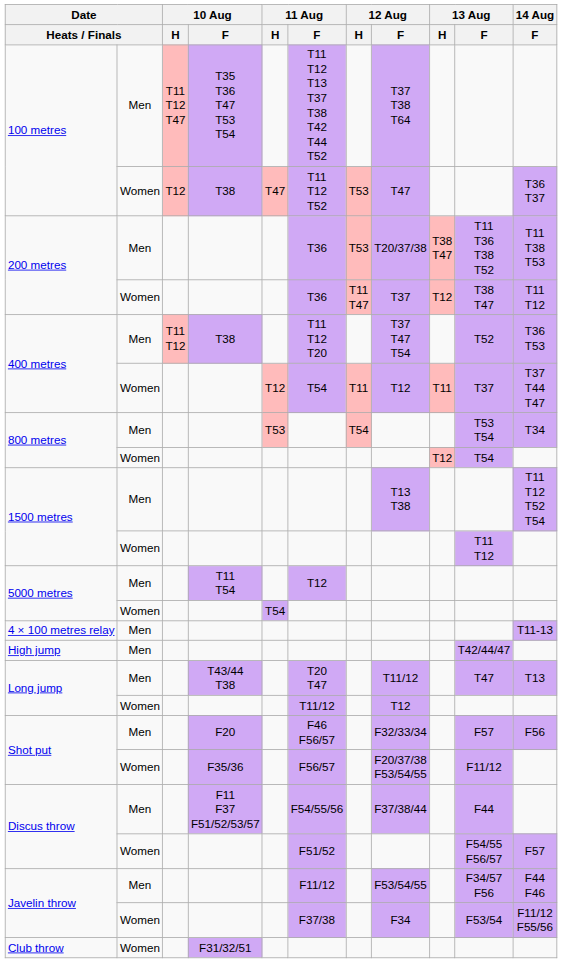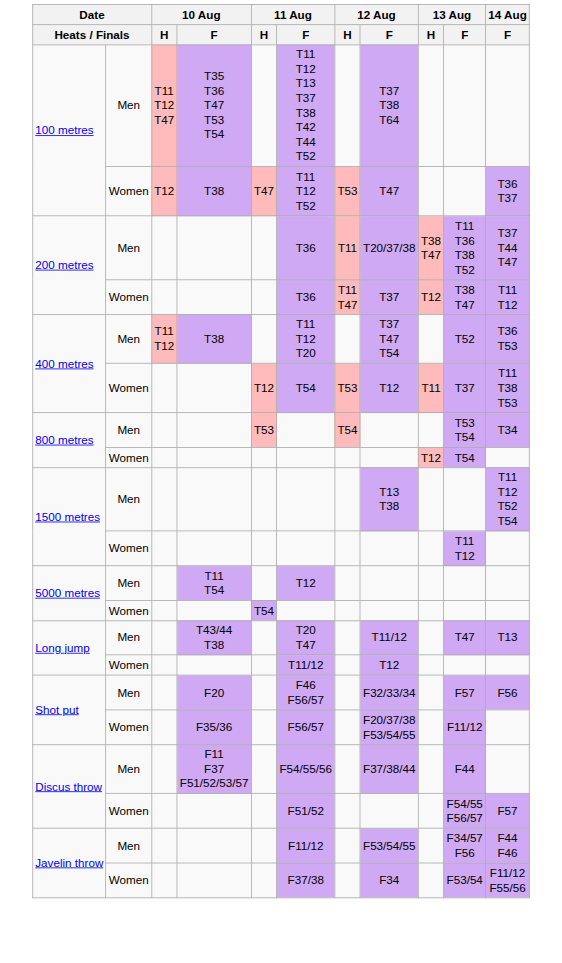 <table class="wikitable" style="margin:0.5em auto; font-size:90%; line-height:1.25em;">
 <tr align="center">
 <th colspan="2">Date</th>
 <th colspan=2>10 Aug</th>
 <th colspan=2>11 Aug</th>
 <th colspan=2>12 Aug</th>
 <th colspan=2>13 Aug</th>
 <th>14 Aug</th>
 </tr>
 <tr align="center">
 <th colspan="2">Heats / Finals</th>
 <th>H</th>
 <th>F</th>
 <th>H</th>
 <th>F</th>
 <th>H</th>
 <th>F</th>
 <th>H</th>
 <th>F</th>
 <th>F</th>
 </tr>
 <tr align="center">
 <td align="left" rowspan="2"><a href='#'>100 metres</a></td>
 <td>Men</td>
 <td bgcolor="#FFBBBB">T11<br>T12<br>T47</td>
 <td bgcolor="#D0A9F5">T35<br>T36<br>T47<br>T53<br>T54</td>
 <td></td>
 <td bgcolor="#D0A9F5">T11<br>T12<br>T13<br>T37<br>T38<br>T42<br>T44<br>T52</td>
 <td></td>
 <td bgcolor="#D0A9F5">T37 <br> T38 <br> T64</td>
 <td></td>
 <td></td>
 <td></td>
 </tr>
 <tr align="center">
 <td>Women</td>
 <td bgcolor="#FFBBBB">T12</td>
 <td bgcolor="#D0A9F5">T38</td>
 <td bgcolor="#FFBBBB">T47</td>
 <td bgcolor="#D0A9F5">T11<br>T12<br>T52</td>
 <td bgcolor="#FFBBBB">T53</td>
 <td bgcolor="#D0A9F5">T47</td>
 <td></td>
 <td></td>
 <td bgcolor="#D0A9F5">T36<br>T37</td>
 </tr>
 <tr align="center">
 <td align="left" rowspan="2"><a href='#'>200 metres</a></td>
 <td>Men</td>
 <td></td>
 <td></td>
 <td></td>
 <td bgcolor="#D0A9F5">T36</td>
-<td bgcolor="#FFBBBB">T53</td>
+<td bgcolor="#FFBBBB">T11</td>
 <td bgcolor="#D0A9F5">T20/37/38</td>
 <td bgcolor="#FFBBBB">T38<br>T47</td>
 <td bgcolor="#D0A9F5">T11<br>T36<br>T38<br>T52</td>
-<td bgcolor="#D0A9F5">T11<br>T38<br>T53</td>
+<td bgcolor="#D0A9F5">T37<br>T44<br>T47</td>
 </tr>
 <tr align="center">
 <td>Women</td>
 <td></td>
 <td></td>
 <td></td>
 <td bgcolor="#D0A9F5">T36</td>
 <td bgcolor="#FFBBBB">T11<br>T47</td>
 <td bgcolor="#D0A9F5">T37</td>
 <td bgcolor="#FFBBBB">T12</td>
 <td bgcolor="#D0A9F5">T38<br>T47</td>
 <td bgcolor="#D0A9F5">T11<br>T12</td>
 </tr>
 <tr align="center">
 <td align="left" rowspan="2"><a href='#'>400 metres</a></td>
 <td>Men</td>
 <td bgcolor="#FFBBBB">T11<br>T12</td>
 <td bgcolor="#D0A9F5">T38</td>
 <td></td>
 <td bgcolor="#D0A9F5">T11<br>T12<br>T20</td>
 <td></td>
 <td bgcolor="#D0A9F5">T37<br>T47<br>T54</td>
 <td></td>
 <td bgcolor="#D0A9F5">T52</td>
 <td bgcolor="#D0A9F5">T36<br>T53</td>
 </tr>
 <tr align="center">
 <td>Women</td>
 <td></td>
 <td></td>
 <td bgcolor="#FFBBBB">T12</td>
 <td bgcolor="#D0A9F5">T54</td>
-<td bgcolor="#FFBBBB">T11</td>
+<td bgcolor="#FFBBBB">T53</td>
 <td bgcolor="#D0A9F5">T12</td>
 <td bgcolor="#FFBBBB">T11</td>
 <td bgcolor="#D0A9F5">T37</td>
-<td bgcolor="#D0A9F5">T37<br>T44<br>T47</td>
+<td bgcolor="#D0A9F5">T11<br>T38<br>T53</td>
 </tr>
 <tr align="center">
 <td align="left" rowspan="2"><a href='#'>800 metres</a></td>
 <td>Men</td>
 <td></td>
 <td></td>
 <td bgcolor="#FFBBBB">T53</td>
 <td></td>
 <td bgcolor="#FFBBBB">T54</td>
 <td></td>
 <td></td>
 <td bgcolor="#D0A9F5">T53<br>T54</td>
 <td bgcolor="#D0A9F5">T34</td>
 </tr>
 <tr align="center">
 <td>Women</td>
 <td></td>
 <td></td>
 <td></td>
 <td></td>
 <td></td>
 <td></td>
 <td bgcolor="#FFBBBB">T12</td>
 <td bgcolor="#D0A9F5">T54</td>
 <td></td>
 </tr>
 <tr align="center">
 <td align="left" rowspan="2"><a href='#'>1500 metres</a></td>
 <td>Men</td>
 <td></td>
 <td></td>
 <td></td>
 <td></td>
 <td></td>
 <td bgcolor="#D0A9F5">T13<br>T38</td>
 <td></td>
 <td></td>
 <td bgcolor="#D0A9F5">T11<br>T12<br>T52<br>T54</td>
 </tr>
 <tr align="center">
 <td>Women</td>
 <td></td>
 <td></td>
 <td></td>
 <td></td>
 <td></td>
 <td></td>
 <td></td>
 <td bgcolor="#D0A9F5">T11<br>T12</td>
 <td></td>
 </tr>
 <tr align="center">
 <td align="left" rowspan="2"><a href='#'>5000 metres</a></td>
 <td>Men</td>
 <td></td>
 <td bgcolor="#D0A9F5">T11<br>T54</td>
 <td></td>
 <td bgcolor="#D0A9F5">T12</td>
 <td></td>
 <td></td>
 <td></td>
 <td></td>
 <td></td>
 </tr>
 <tr align="center">
 <td>Women</td>
 <td></td>
 <td></td>
 <td bgcolor="#D0A9F5">T54</td>
 <td></td>
 <td></td>
 <td></td>
 <td></td>
 <td></td>
-<td></td>
-</tr>
-<tr align="center">
-<td align="left"><a href='#'>4 × 100 metres relay</a></td>
-<td>Men</td>
-<td></td>
-<td></td>
-<td></td>
-<td></td>
-<td></td>
-<td></td>
-<td></td>
-<td></td>
-<td bgcolor="#D0A9F5">T11-13</td>
-</tr>
-<tr align="center">
-<td align="left"><a href='#'>High jump</a></td>
-<td>Men</td>
-<td></td>
-<td></td>
-<td></td>
-<td></td>
-<td></td>
-<td></td>
-<td></td>
-<td bgcolor="#D0A9F5">T42/44/47</td>
 <td></td>
 </tr>
 <tr align="center">
 <td align="left" rowspan="2"><a href='#'>Long jump</a></td>
 <td>Men</td>
 <td></td>
 <td bgcolor="#D0A9F5">T43/44<br>T38</td>
 <td></td>
 <td bgcolor="#D0A9F5">T20<br>T47</td>
 <td></td>
 <td bgcolor="#D0A9F5">T11/12</td>
 <td></td>
 <td bgcolor="#D0A9F5">T47</td>
 <td bgcolor="#D0A9F5">T13</td>
 </tr>
 <tr align="center">
 <td>Women</td>
 <td></td>
 <td></td>
 <td></td>
 <td bgcolor="#D0A9F5">T11/12</td>
 <td></td>
 <td bgcolor="#D0A9F5">T12</td>
 <td></td>
 <td></td>
 <td></td>
 </tr>
 <tr align="center">
 <td align="left" rowspan="2"><a href='#'>Shot put</a></td>
 <td>Men</td>
 <td></td>
 <td bgcolor="#D0A9F5">F20</td>
 <td></td>
 <td bgcolor="#D0A9F5">F46<br> F56/57</td>
 <td></td>
 <td bgcolor="#D0A9F5">F32/33/34</td>
 <td></td>
 <td bgcolor="#D0A9F5">F57</td>
 <td bgcolor="#D0A9F5">F56</td>
 </tr>
 <tr align="center">
 <td>Women</td>
 <td></td>
 <td bgcolor="#D0A9F5">F35/36</td>
 <td></td>
 <td bgcolor="#D0A9F5">F56/57</td>
 <td></td>
 <td bgcolor="#D0A9F5">F20/37/38<br>F53/54/55</td>
 <td></td>
 <td bgcolor="#D0A9F5">F11/12</td>
 <td></td>
 </tr>
 <tr align="center">
 <td align="left" rowspan="2"><a href='#'>Discus throw</a></td>
 <td>Men</td>
 <td></td>
 <td bgcolor="#D0A9F5">F11<br>F37<br>F51/52/53/57</td>
 <td></td>
 <td bgcolor="#D0A9F5">F54/55/56</td>
 <td></td>
 <td bgcolor="#D0A9F5">F37/38/44</td>
 <td></td>
 <td bgcolor="#D0A9F5">F44</td>
 <td></td>
 </tr>
 <tr align="center">
 <td>Women</td>
 <td></td>
 <td></td>
 <td></td>
 <td bgcolor="#D0A9F5">F51/52</td>
 <td></td>
 <td></td>
 <td></td>
 <td bgcolor="#D0A9F5">F54/55<br>F56/57</td>
 <td bgcolor="#D0A9F5">F57</td>
 </tr>
 <tr align="center">
 <td align="left" rowspan="2"><a href='#'>Javelin throw</a></td>
 <td>Men</td>
 <td></td>
 <td></td>
 <td></td>
 <td bgcolor="#D0A9F5">F11/12</td>
 <td></td>
 <td bgcolor="#D0A9F5">F53/54/55</td>
 <td></td>
 <td bgcolor="#D0A9F5">F34/57<br>F56</td>
 <td bgcolor="#D0A9F5">F44<br>F46</td>
 </tr>
 <tr align="center">
 <td>Women</td>
 <td></td>
 <td></td>
 <td></td>
 <td bgcolor="#D0A9F5">F37/38</td>
 <td></td>
 <td bgcolor="#D0A9F5">F34</td>
 <td></td>
 <td bgcolor="#D0A9F5">F53/54</td>
 <td bgcolor="#D0A9F5">F11/12<br>F55/56</td>
 </tr>
-<tr align="center">
-<td align="left"><a href='#'>Club throw</a></td>
-<td>Women</td>
-<td></td>
-<td bgcolor="#D0A9F5">F31/32/51</td>
-<td></td>
-<td></td>
-<td></td>
-<td></td>
-<td></td>
-<td></td>
-<td></td>
-</tr>
 </table>
